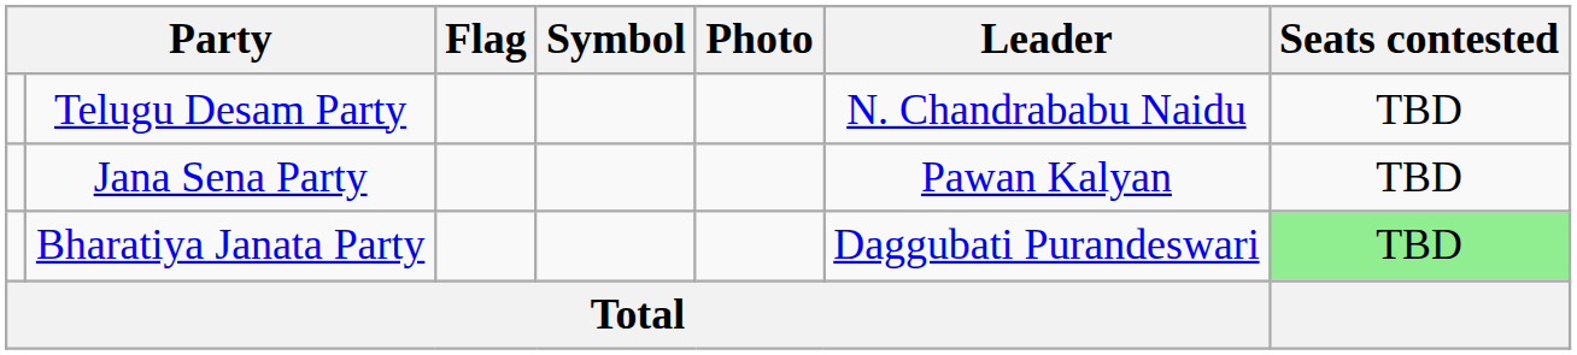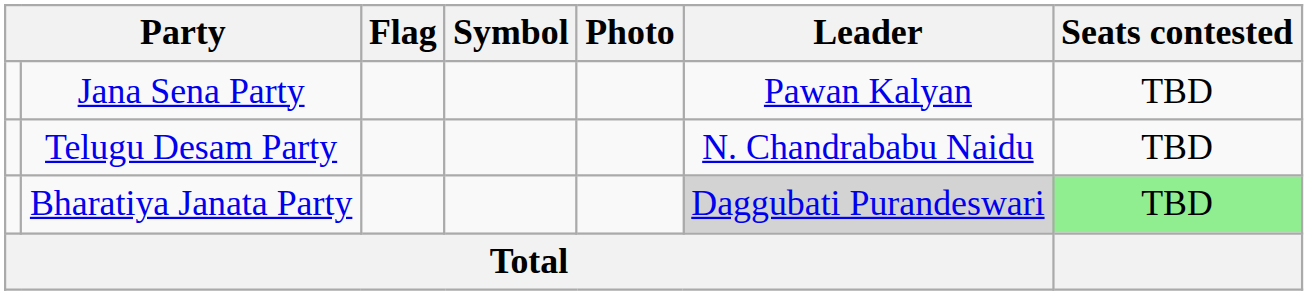 <table class="wikitable" style="text-align:center;">
 <tr>
 <th colspan="2">Party</th>
 <th>Flag</th>
 <th>Symbol</th>
 <th>Photo</th>
 <th>Leader</th>
 <th>Seats contested</th>
+</tr>
+<tr>
+<td></td>
+<td><a href='#'>Jana Sena Party</a></td>
+<td></td>
+<td></td>
+<td></td>
+<td><a href='#'>Pawan Kalyan</a></td>
+<td>TBD</td>
 </tr>
 <tr>
 <td></td>
 <td><a href='#'>Telugu Desam Party</a></td>
 <td></td>
 <td></td>
 <td></td>
 <td><a href='#'>N. Chandrababu Naidu</a></td>
 <td>TBD</td>
 </tr>
 <tr>
 <td></td>
-<td><a href='#'>Jana Sena Party</a></td>
-<td></td>
-<td></td>
-<td></td>
-<td><a href='#'>Pawan Kalyan</a></td>
-<td>TBD</td>
-</tr>
-<tr>
-<td></td>
 <td><a href='#'>Bharatiya Janata Party</a></td>
 <td></td>
 <td></td>
 <td></td>
-<td><a href='#'>Daggubati Purandeswari</a></td>
+<td style="background: lightgrey;"><a href='#'>Daggubati Purandeswari</a></td>
 <td style="background: lightgreen;">TBD</td>
 </tr>
 <tr>
 <th colspan="6">Total</th>
 <th></th>
 </tr>
 </table>
